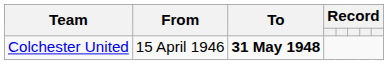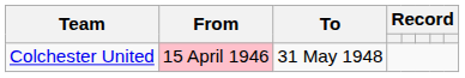 <table class=wikitable style="text-align: center">
 <tr>
 <th rowspan=2>Team</th>
 <th rowspan=2>From</th>
 <th rowspan=2>To</th>
 <th colspan=5>Record</th>
 </tr>
 <tr>
 <th></th>
 <th></th>
 <th></th>
 <th></th>
 <th></th>
 </tr>
 <tr>
 <td align=left><a href='#'>Colchester United</a></td>
-<td align=left>15 April 1946</td>
-<td align=left><strong>31 May 1948<br></strong></td>
+<td align=left style="background: pink;">15 April 1946</td>
+<td align=left>31 May 1948<br></td>
 </tr>
 </table>
